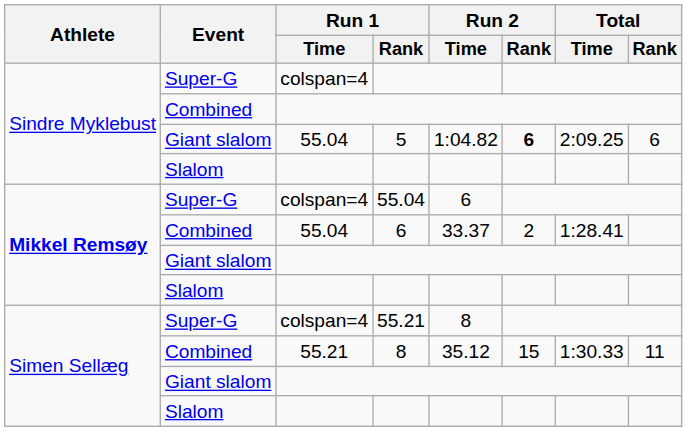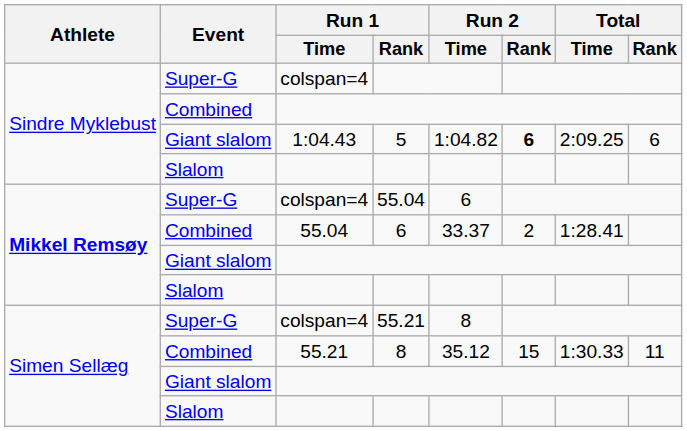 <table class="wikitable" style="font-size:90%">
 <tr>
 <th rowspan=2>Athlete</th>
 <th rowspan=2>Event</th>
 <th colspan=2>Run 1</th>
 <th colspan=2>Run 2</th>
 <th colspan=2>Total</th>
 </tr>
 <tr style="font-size:95%">
 <th>Time</th>
 <th>Rank</th>
 <th>Time</th>
 <th>Rank</th>
 <th>Time</th>
 <th>Rank</th>
 </tr>
 <tr align=center>
 <td align="left" rowspan="4"><a href='#'>Sindre Myklebust</a></td>
 <td align="left"><a href='#'>Super-G</a></td>
 <td>colspan=4</td>
 <td colspan=2></td>
 </tr>
 <tr align=center>
 <td align="left"><a href='#'>Combined</a></td>
 <td colspan=6></td>
 </tr>
 <tr align=center>
 <td align="left"><a href='#'>Giant slalom</a></td>
-<td>55.04</td>
+<td>1:04.43</td>
 <td>5</td>
 <td>1:04.82</td>
 <td><strong>6</strong></td>
 <td>2:09.25</td>
 <td>6</td>
 </tr>
 <tr align=center>
 <td align="left"><a href='#'>Slalom</a></td>
 <td></td>
 <td></td>
 <td></td>
 <td></td>
 <td></td>
 <td></td>
 </tr>
 <tr align=center>
 <td align="left" rowspan="4"><strong><a href='#'>Mikkel Remsøy</a></strong></td>
 <td align="left"><a href='#'>Super-G</a></td>
 <td>colspan=4</td>
 <td>55.04</td>
 <td>6</td>
 </tr>
 <tr align=center>
 <td align="left"><a href='#'>Combined</a></td>
 <td>55.04</td>
 <td>6</td>
 <td>33.37</td>
 <td>2</td>
 <td>1:28.41</td>
 <td><strong></strong></td>
 </tr>
 <tr align=center>
 <td align="left"><a href='#'>Giant slalom</a></td>
 <td colspan=6></td>
 </tr>
 <tr align=center>
 <td align="left"><a href='#'>Slalom</a></td>
 <td></td>
 <td></td>
 <td></td>
 <td></td>
 <td></td>
 <td></td>
 </tr>
 <tr align=center>
 <td align="left" rowspan="4"><a href='#'>Simen Sellæg</a></td>
 <td align="left"><a href='#'>Super-G</a></td>
 <td>colspan=4</td>
 <td>55.21</td>
 <td>8</td>
 </tr>
 <tr align=center>
 <td align="left"><a href='#'>Combined</a></td>
 <td>55.21</td>
 <td>8</td>
 <td>35.12</td>
 <td>15</td>
 <td>1:30.33</td>
 <td>11</td>
 </tr>
 <tr align=center>
 <td align="left"><a href='#'>Giant slalom</a></td>
 <td colspan=6></td>
 </tr>
 <tr align=center>
 <td align="left"><a href='#'>Slalom</a></td>
 <td></td>
 <td></td>
 <td></td>
 <td></td>
 <td></td>
 <td></td>
 </tr>
 </table>
